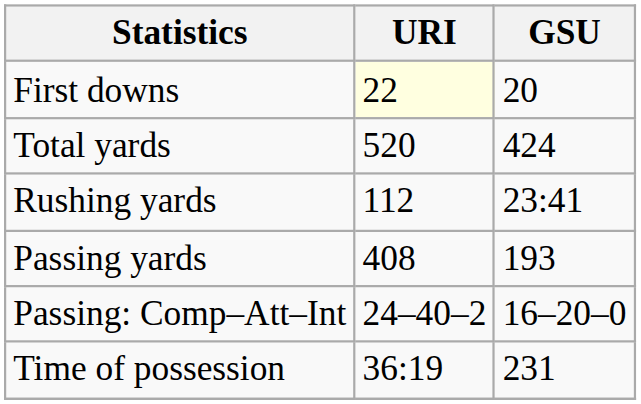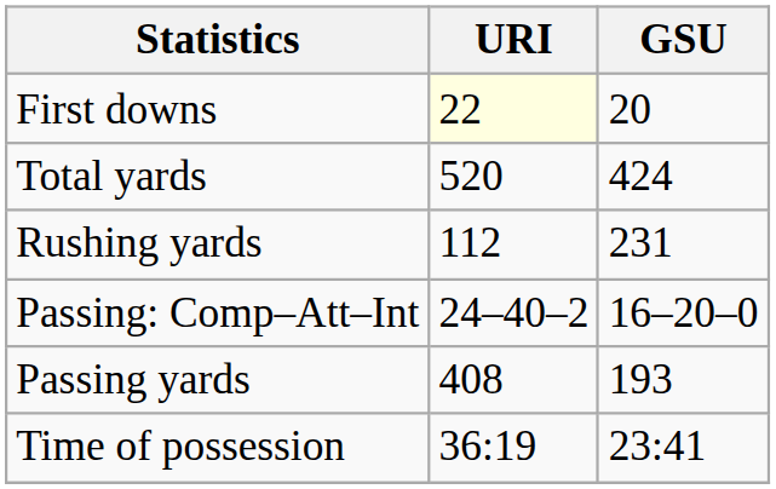 <table class="wikitable" style="float: left;">
 <tr>
 <th>Statistics</th>
 <th>URI</th>
 <th>GSU</th>
 </tr>
 <tr>
 <td>First downs</td>
 <td style="background: lightyellow;">22</td>
 <td>20</td>
 </tr>
 <tr>
 <td>Total yards</td>
 <td>520</td>
 <td>424</td>
 </tr>
 <tr>
 <td>Rushing yards</td>
 <td>112</td>
-<td>23:41</td>
+<td>231</td>
+</tr>
+<tr>
+<td>Passing: Comp–Att–Int</td>
+<td>24–40–2</td>
+<td>16–20–0</td>
 </tr>
 <tr>
 <td>Passing yards</td>
 <td>408</td>
 <td>193</td>
 </tr>
 <tr>
-<td>Passing: Comp–Att–Int</td>
-<td>24–40–2</td>
-<td>16–20–0</td>
-</tr>
-<tr>
 <td>Time of possession</td>
 <td>36:19</td>
-<td>231</td>
+<td>23:41</td>
 </tr>
 <tr>
 </tr>
 </table>
